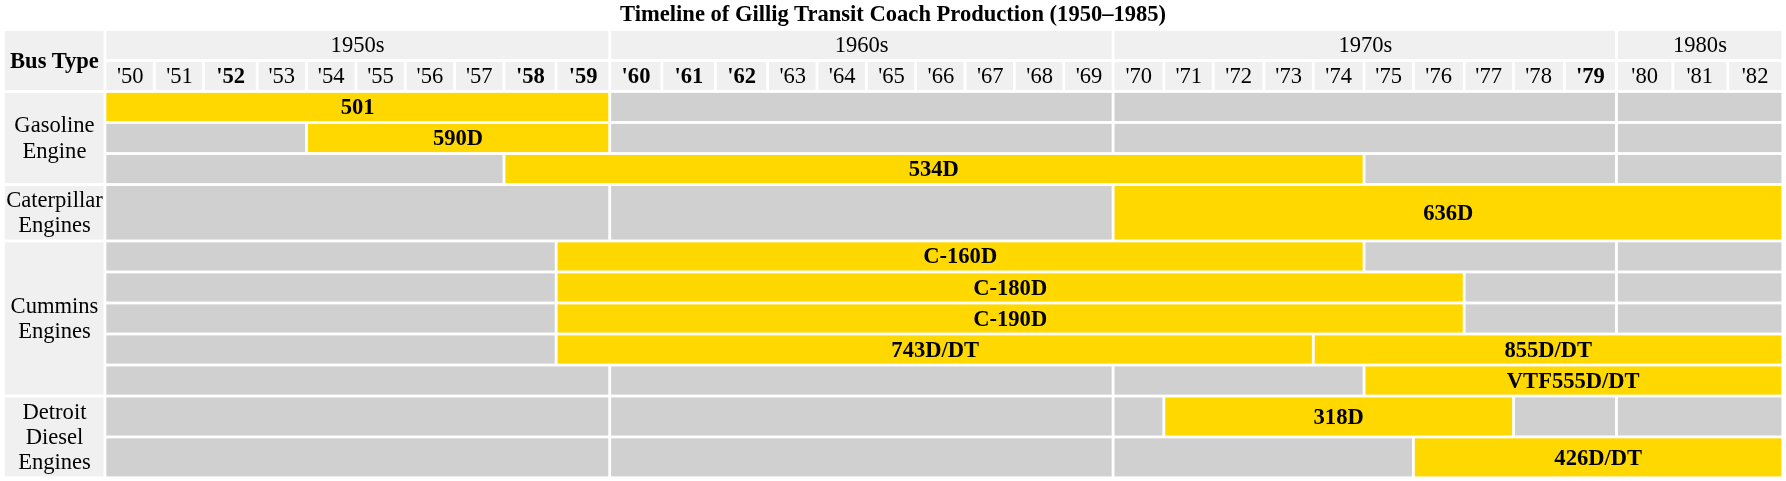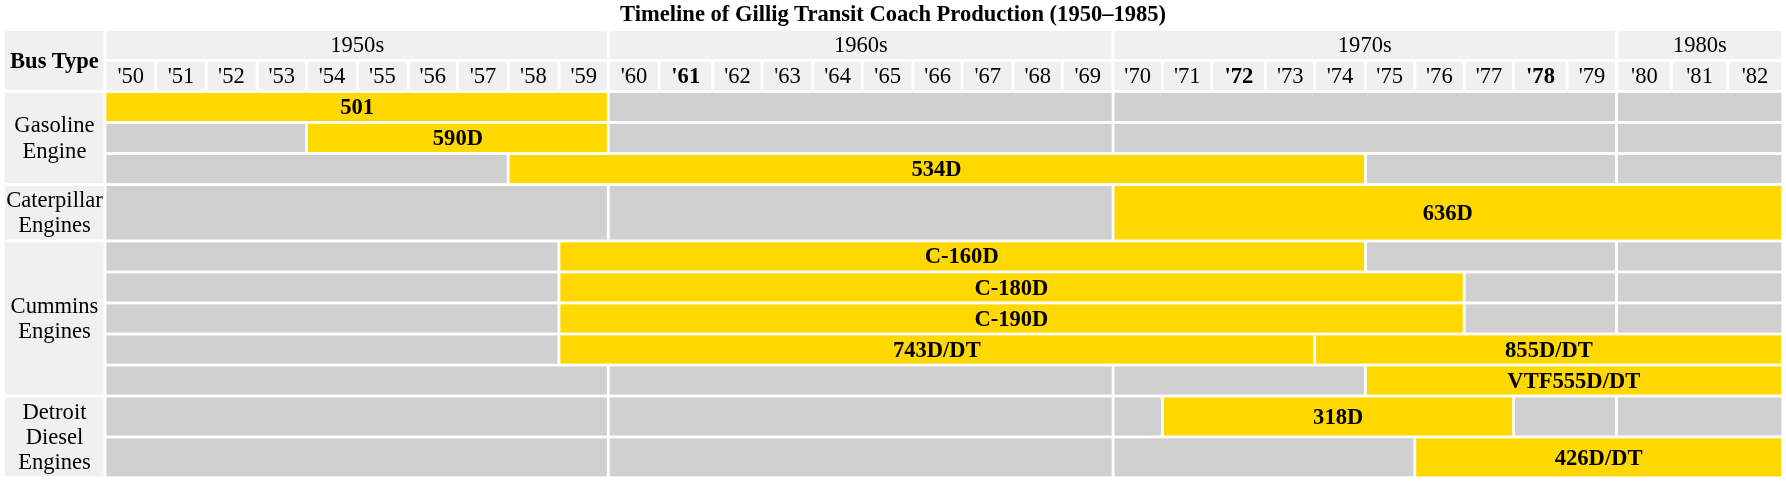 <table class="toccolours" style="margin:auto;">
 <tr>
 <td style="text-align:center;" colspan="84"><strong>Timeline of Gillig Transit Coach Production (1950–1985)</strong></td>
 </tr>
 <tr style="text-align:center; background:#f0f0f0; background:#f0f0f0;">
 <td rowspan="2"><strong>Bus Type</strong></td>
 <td style="width:30%; " colspan="10">1950s</td>
 <td style="width:30%; " colspan="10">1960s</td>
 <td style="width:30%; " colspan="10">1970s</td>
 <td style="width:10%; " colspan="3">1980s</td>
 </tr>
 <tr style="background:#f0f0f0; text-align:center;">
 <td>'50</td>
 <td>'51</td>
-<td><strong>'52</strong></td>
+<td>'52</td>
 <td>'53</td>
 <td>'54</td>
 <td>'55</td>
 <td>'56</td>
 <td>'57</td>
-<td><strong>'58</strong></td>
-<td><strong>'59</strong></td>
-<td><strong>'60</strong></td>
+<td>'58</td>
+<td>'59</td>
+<td>'60</td>
 <td><strong>'61</strong></td>
-<td><strong>'62</strong></td>
+<td>'62</td>
 <td>'63</td>
 <td>'64</td>
 <td>'65</td>
 <td>'66</td>
 <td>'67</td>
 <td>'68</td>
 <td>'69</td>
 <td>'70</td>
 <td>'71</td>
-<td>'72</td>
+<td><strong>'72</strong></td>
 <td>'73</td>
 <td>'74</td>
 <td>'75</td>
 <td>'76</td>
 <td>'77</td>
-<td>'78</td>
-<td><strong>'79</strong></td>
+<td><strong>'78</strong></td>
+<td>'79</td>
 <td>'80</td>
 <td>'81</td>
 <td>'82</td>
 </tr>
 <tr align="center">
 <td style="background:#f0f0f0;" rowspan="3">Gasoline Engine</td>
 <td style="background:#FFD800;" colspan="10"><strong>501</strong></td>
 <td style="background:#d0d0d0;" colspan="10"></td>
 <td style="background:#d0d0d0;" colspan="10"></td>
 <td style="background:#d0d0d0;" colspan="3"></td>
 </tr>
 <tr align="center">
 <td style="background:#d0d0d0;" colspan="4"></td>
 <td style="background:#FFD800;"  colspan="6"><strong>590D</strong></td>
 <td style="background:#d0d0d0;" colspan="10"></td>
 <td style="background:#d0d0d0;" colspan="10"></td>
 <td style="background:#d0d0d0;" colspan="3"></td>
 </tr>
 <tr align="center">
 <td style="background:#d0d0d0;" colspan="8"></td>
 <td style="background:#FFD800;" colspan="17"><strong>534D</strong></td>
 <td style="background:#d0d0d0;" colspan="5"></td>
 <td style="background:#d0d0d0;" colspan="3"></td>
 </tr>
 <tr align="center">
 <td style="background:#f0f0f0;">Caterpillar Engines</td>
 <td style="background:#d0d0d0;" colspan="10"></td>
 <td style="background:#d0d0d0;" colspan="10"></td>
 <td style="background:#FFD800;" colspan="13"><strong>636D</strong></td>
 </tr>
 <tr align="center">
 <td style="background:#f0f0f0;" rowspan="5">Cummins Engines</td>
 <td style="background:#d0d0d0;" colspan="9"></td>
 <td style="background:#FFD800;" colspan="16"><strong>C-160D</strong></td>
 <td style="background:#d0d0d0;" colspan="5"></td>
 <td style="background:#d0d0d0;" colspan="3"></td>
 </tr>
 <tr align="center">
 <td style="background:#d0d0d0;" colspan="9"></td>
 <td style="background:#FFD800;" colspan="18"><strong>C-180D</strong></td>
 <td style="background:#d0d0d0;" colspan="3"></td>
 <td style="background:#d0d0d0;" colspan="3"></td>
 </tr>
 <tr align="center">
 <td style="background:#d0d0d0;" colspan="9"></td>
 <td style="background:#FFD800;" colspan="18"><strong>C-190D</strong></td>
 <td style="background:#d0d0d0;" colspan="3"></td>
 <td style="background:#d0d0d0;" colspan="3"></td>
 </tr>
 <tr align="center">
 <td style="background:#d0d0d0;" colspan="9"></td>
 <td style="background:#FFD800;" colspan="15"><strong>743D/DT</strong></td>
 <td style="background:#FFD800;" colspan="9"><strong>855D/DT</strong></td>
 </tr>
 <tr align="center">
 <td style="background:#d0d0d0;" colspan="10"></td>
 <td style="background:#d0d0d0;" colspan="10"></td>
 <td style="background:#d0d0d0;" colspan="5"></td>
 <td style="background:#FFD800;" colspan="8"><strong>VTF555D/DT</strong></td>
 </tr>
 <tr align="center">
 <td style="background:#f0f0f0;" rowspan="2">Detroit Diesel Engines</td>
 <td style="background:#d0d0d0;" colspan="10"></td>
 <td style="background:#d0d0d0;" colspan="10"></td>
 <td style="background:#d0d0d0;" colspan="1"></td>
 <td style="background:#FFD800;" colspan="7"><strong>318D</strong></td>
 <td style="background:#d0d0d0;" colspan="2"></td>
 <td style="background:#d0d0d0;" colspan="3"></td>
 </tr>
 <tr align="center">
 <td style="background:#d0d0d0;" colspan="10"></td>
 <td style="background:#d0d0d0;" colspan="10"></td>
 <td style="background:#d0d0d0;" colspan="6"></td>
 <td style="background:#FFD800;" colspan="7"><strong>426D/DT</strong></td>
 </tr>
 </table>
